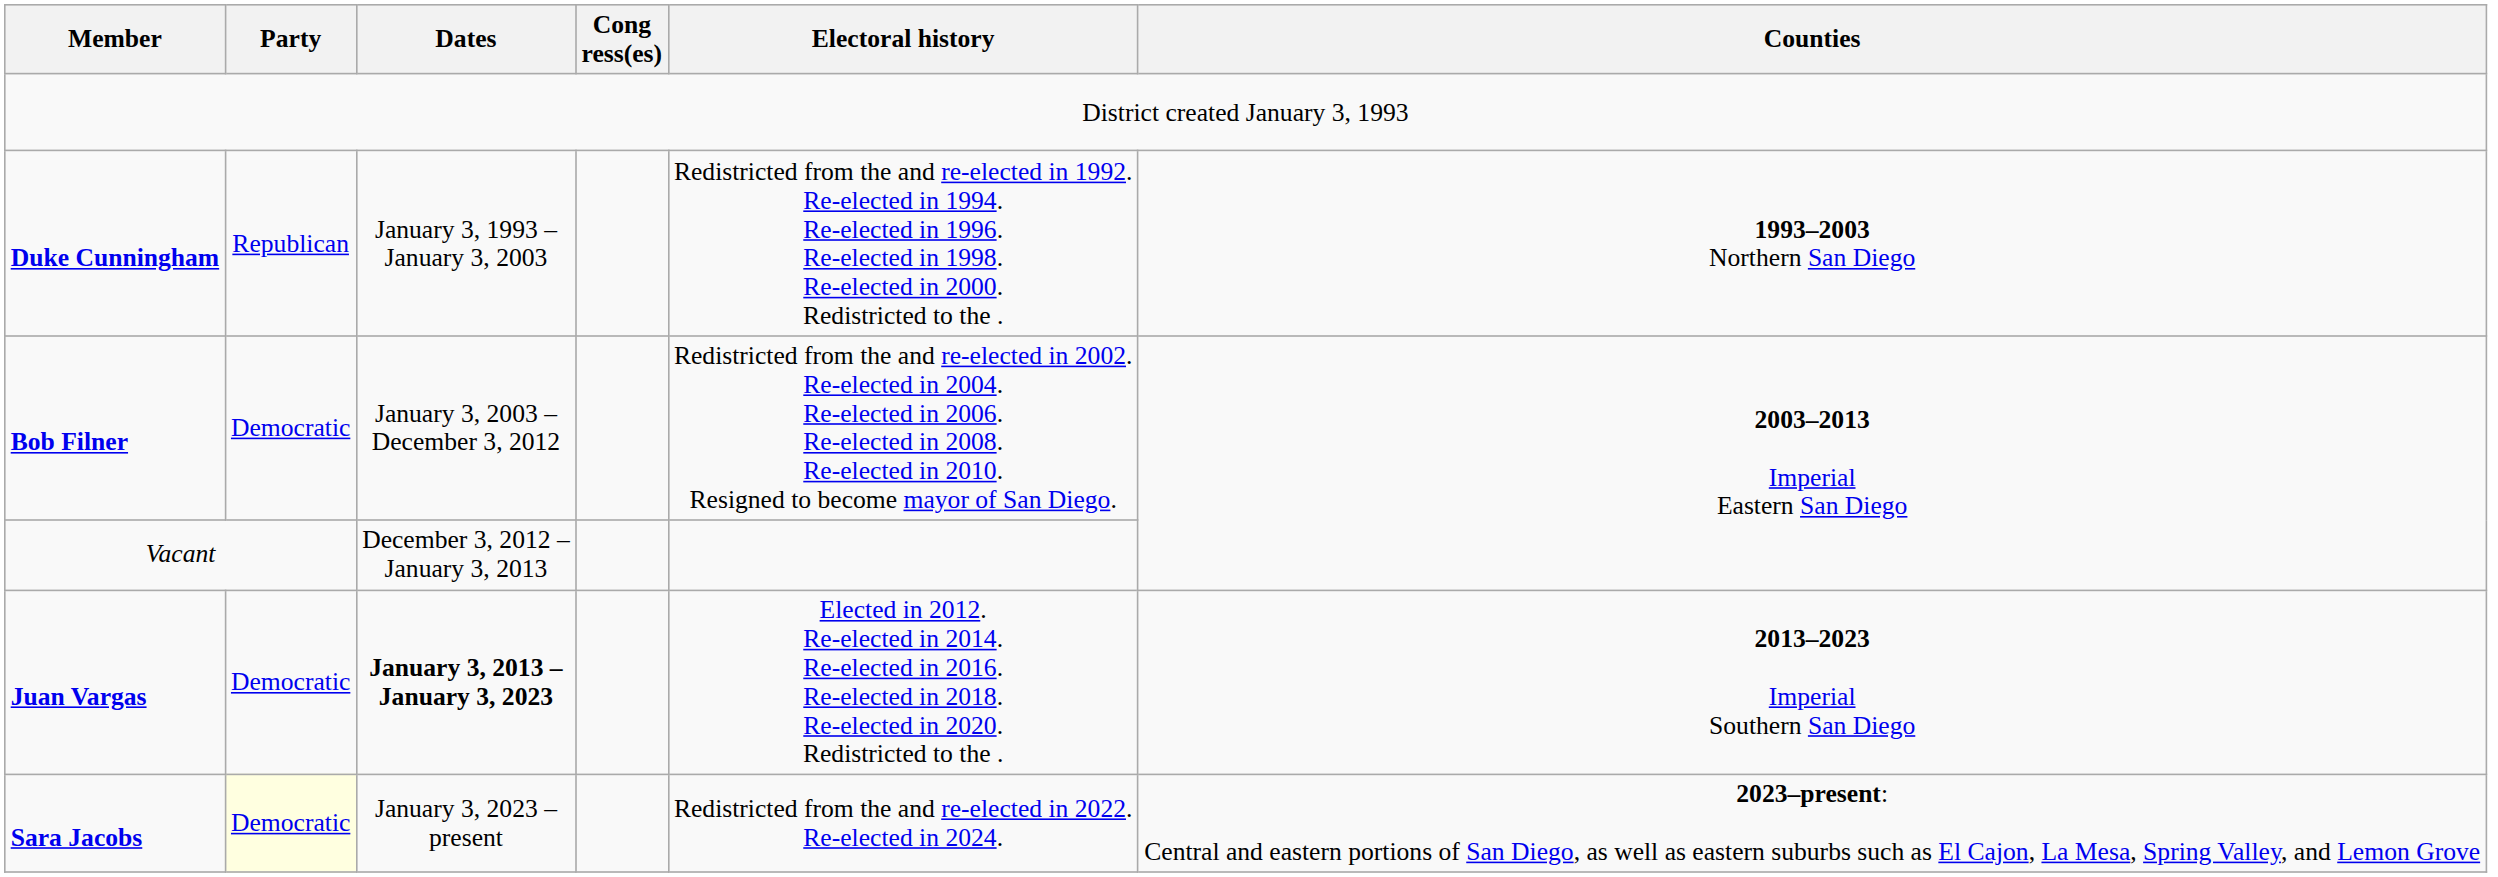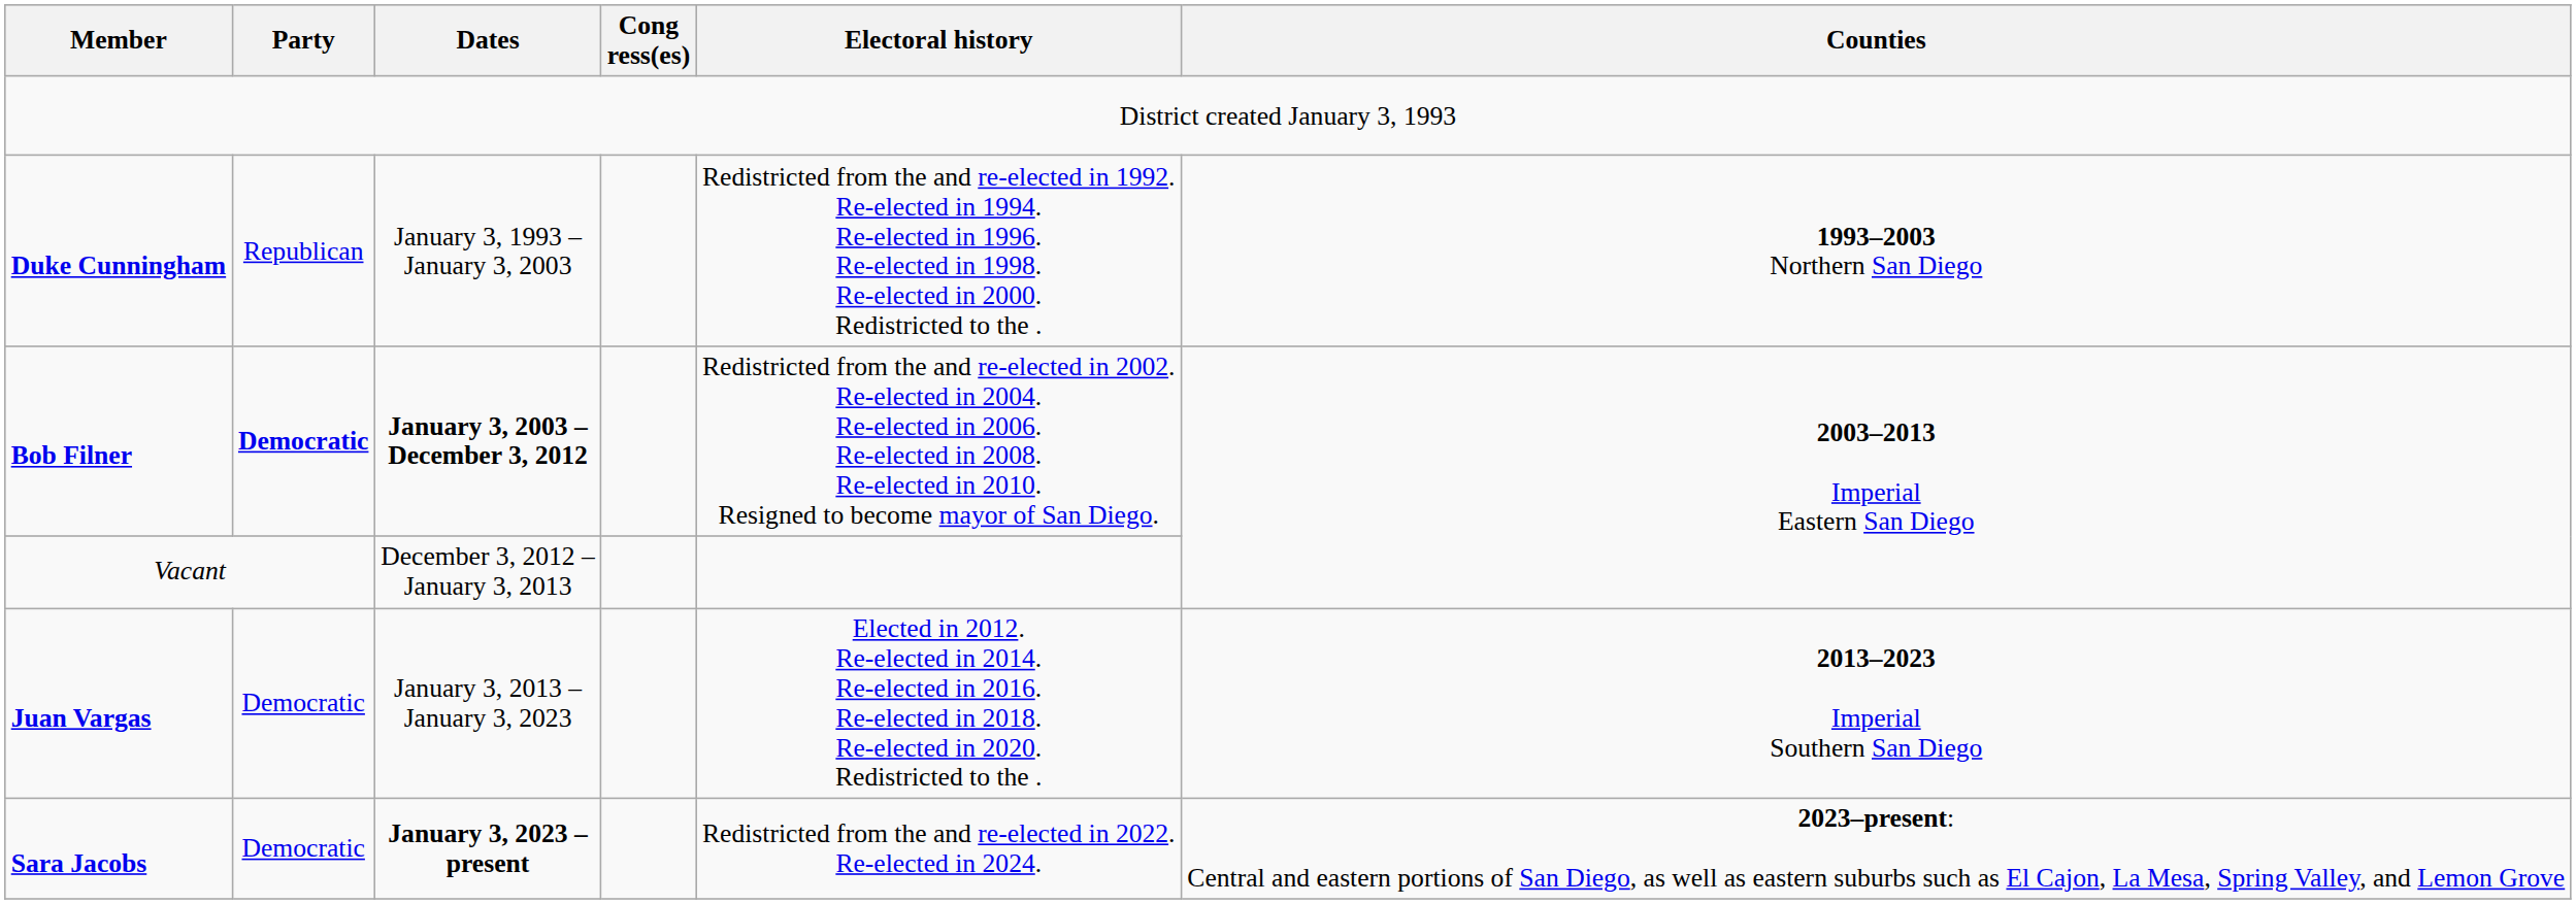 <table class=wikitable style="text-align:center">
 <tr>
 <th>Member</th>
 <th>Party</th>
 <th>Dates</th>
 <th>Cong<br>ress(es)</th>
 <th>Electoral history</th>
 <th>Counties</th>
 </tr>
 <tr style="height:3em">
 <td colspan=6>District created January 3, 1993</td>
 </tr>
 <tr>
 <td align=left><br><strong><a href='#'>Duke Cunningham</a></strong><br></td>
 <td><a href='#'>Republican</a></td>
 <td nowrap>January 3, 1993 –<br>January 3, 2003</td>
 <td></td>
 <td>Redistricted from the  and <a href='#'>re-elected in 1992</a>.<br><a href='#'>Re-elected in 1994</a>.<br><a href='#'>Re-elected in 1996</a>.<br><a href='#'>Re-elected in 1998</a>.<br><a href='#'>Re-elected in 2000</a>.<br>Redistricted to the .</td>
 <td><strong>1993–2003</strong><br> Northern <a href='#'>San Diego</a></td>
 </tr>
 <tr>
 <td align=left><br><strong><a href='#'>Bob Filner</a></strong><br></td>
-<td><a href='#'>Democratic</a></td>
-<td nowrap>January 3, 2003 –<br>December 3, 2012</td>
+<td><strong><a href='#'>Democratic</a></strong></td>
+<td nowrap><strong>January 3, 2003 –<br>December 3, 2012</strong></td>
 <td></td>
 <td>Redistricted from the  and <a href='#'>re-elected in 2002</a>.<br><a href='#'>Re-elected in 2004</a>.<br><a href='#'>Re-elected in 2006</a>.<br><a href='#'>Re-elected in 2008</a>.<br><a href='#'>Re-elected in 2010</a>.<br>Resigned to become <a href='#'>mayor of San Diego</a>.</td>
 <td rowspan=2><strong>2003–2013</strong><br><br><a href='#'>Imperial</a><br>Eastern <a href='#'>San Diego</a></td>
 </tr>
 <tr>
 <td colspan=2><em>Vacant</em></td>
 <td nowrap>December 3, 2012 –<br>January 3, 2013</td>
 <td></td>
 </tr>
 <tr>
 <td align=left><br><strong><a href='#'>Juan Vargas</a></strong><br></td>
 <td><a href='#'>Democratic</a></td>
-<td nowrap><strong>January 3, 2013 –<br>January 3, 2023</strong></td>
+<td nowrap>January 3, 2013 –<br>January 3, 2023</td>
 <td></td>
 <td><a href='#'>Elected in 2012</a>.<br><a href='#'>Re-elected in 2014</a>.<br><a href='#'>Re-elected in 2016</a>.<br><a href='#'>Re-elected in 2018</a>.<br><a href='#'>Re-elected in 2020</a>.<br>Redistricted to the .</td>
 <td><strong>2013–2023</strong><br><br><a href='#'>Imperial</a><br>Southern <a href='#'>San Diego</a></td>
 </tr>
 <tr style="height:3em">
 <td align=left><br><strong><a href='#'>Sara Jacobs</a></strong><br></td>
-<td style="background: lightyellow;"><a href='#'>Democratic</a></td>
-<td nowrap>January 3, 2023 –<br>present</td>
+<td><a href='#'>Democratic</a></td>
+<td nowrap><strong>January 3, 2023 –<br>present</strong></td>
 <td></td>
 <td>Redistricted from the  and <a href='#'>re-elected in 2022</a>.<br><a href='#'>Re-elected in 2024</a>.</td>
 <td><strong>2023–present</strong>:<br><br>Central and eastern portions of <a href='#'>San Diego</a>, as well as eastern suburbs such as <a href='#'>El Cajon</a>, <a href='#'>La Mesa</a>, <a href='#'>Spring Valley</a>, and <a href='#'>Lemon Grove</a></td>
 </tr>
 </table>
